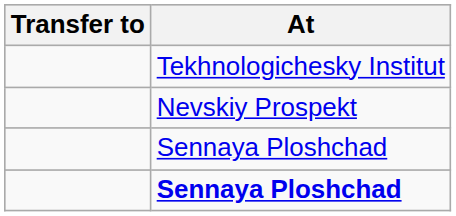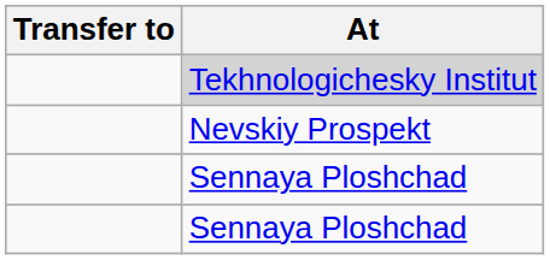 <table class="wikitable" style="border-collapse: collapse; text-align: left;">
 <tr>
 <th>Transfer to</th>
 <th>At</th>
 </tr>
 <tr>
 <td></td>
-<td><a href='#'>Tekhnologichesky Institut</a></td>
+<td style="background: lightgrey;"><a href='#'>Tekhnologichesky Institut</a></td>
 </tr>
 <tr>
 <td></td>
 <td><a href='#'>Nevskiy Prospekt</a></td>
 </tr>
 <tr>
 <td></td>
 <td><a href='#'>Sennaya Ploshchad</a></td>
 </tr>
 <tr>
 <td></td>
-<td><strong><a href='#'>Sennaya Ploshchad</a></strong></td>
+<td><a href='#'>Sennaya Ploshchad</a></td>
 </tr>
 </table>
